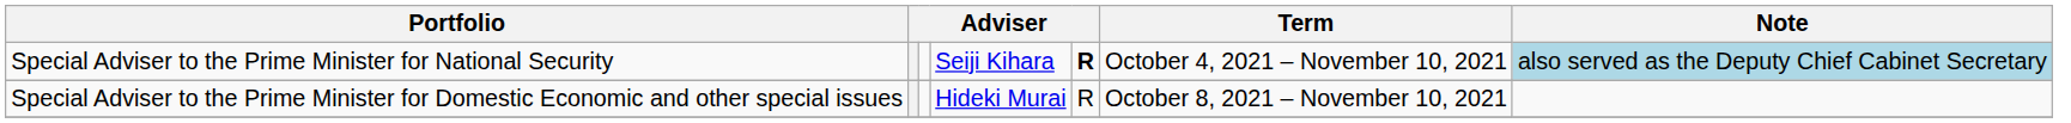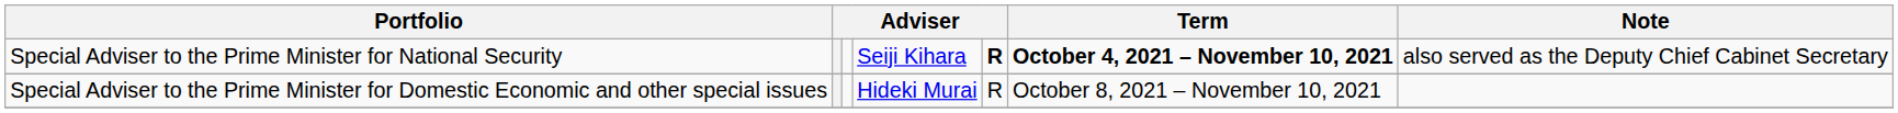 <table class="wikitable">
 <tr>
 <th>Portfolio</th>
 <th colspan="4">Adviser</th>
 <th>Term</th>
 <th>Note</th>
 </tr>
 <tr>
 <td>Special Adviser to the Prime Minister for National Security</td>
 <th style="color:inherit;background-color: "></th>
 <td></td>
 <td><a href='#'>Seiji Kihara</a></td>
 <td><strong>R</strong></td>
-<td>October 4, 2021 – November 10, 2021</td>
-<td style="background: lightblue;">also served as the Deputy Chief Cabinet Secretary</td>
+<td><strong>October 4, 2021 – November 10, 2021</strong></td>
+<td>also served as the Deputy Chief Cabinet Secretary</td>
 </tr>
 <tr>
 </tr>
 <tr>
 <td>Special Adviser to the Prime Minister for Domestic Economic and other special issues</td>
 <th style="color:inherit;background-color: "></th>
 <td></td>
 <td><a href='#'>Hideki Murai</a></td>
 <td>R</td>
 <td>October 8, 2021 – November 10, 2021</td>
 <td></td>
 </tr>
 <tr>
 </tr>
 </table>
